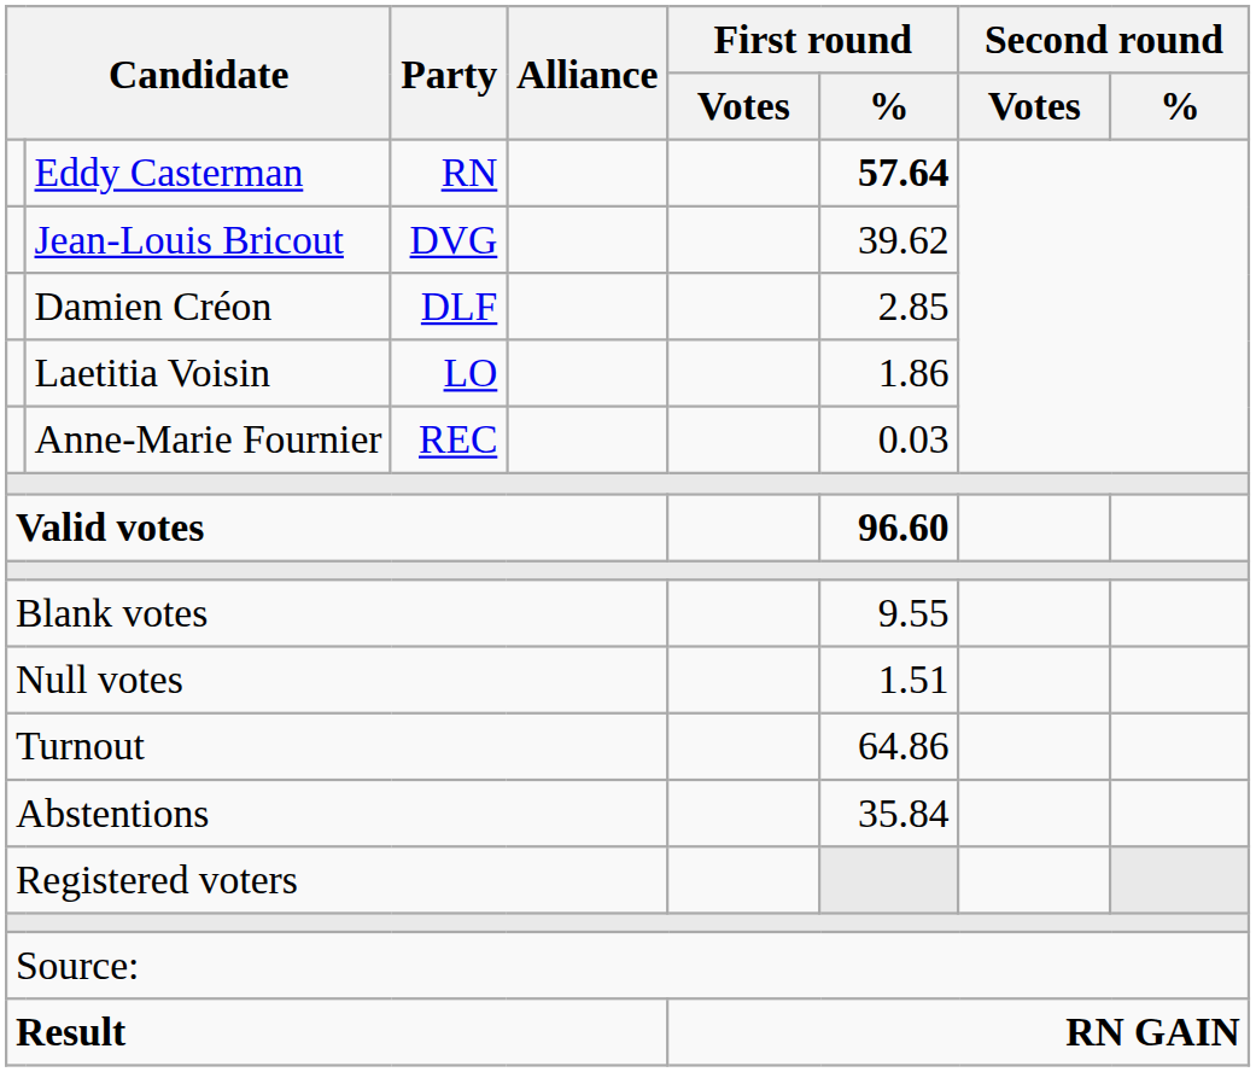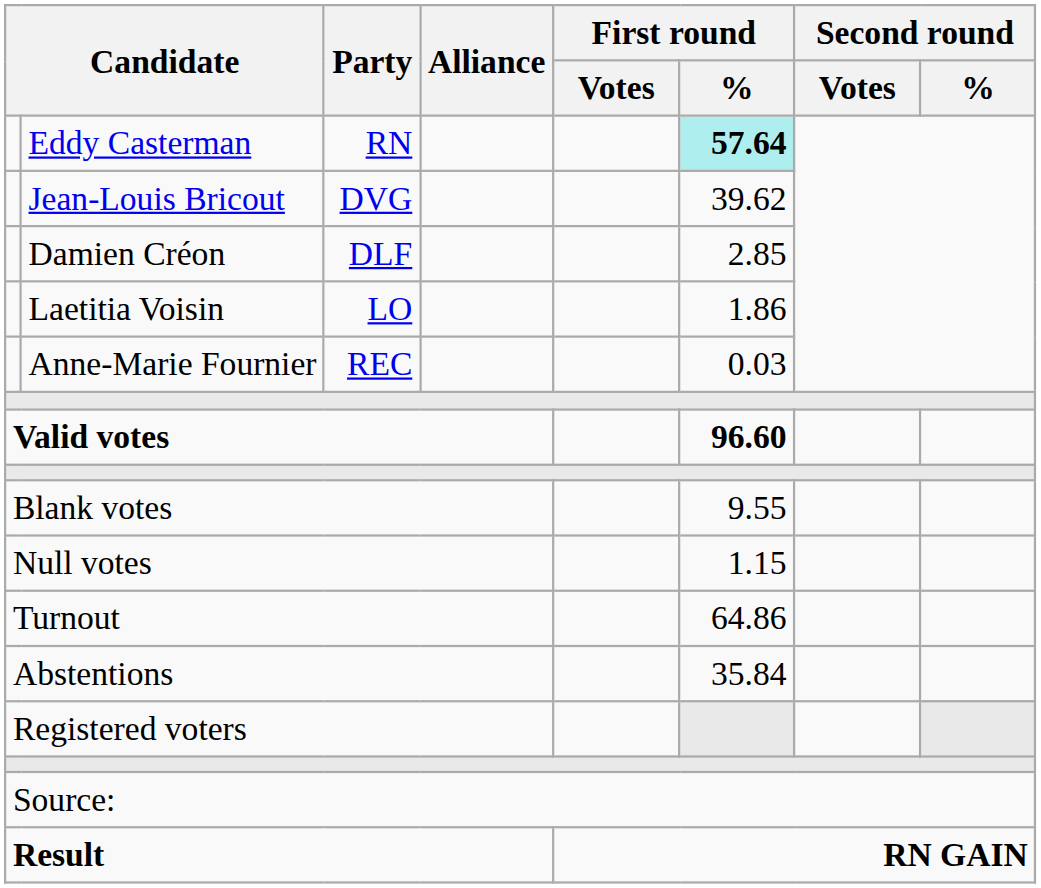 <table class="wikitable" style="text-align:right;font-size:95%;">
 <tr>
 <th colspan="2" rowspan="2">Candidate</th>
 <th colspan="1" rowspan="2">Party</th>
 <th colspan="1" rowspan="2">Alliance</th>
 <th colspan="2">First round</th>
 <th colspan="2">Second round</th>
 </tr>
 <tr>
 <th style="width:50px;">Votes</th>
 <th style="width:45px;">%</th>
 <th style="width:50px;">Votes</th>
 <th style="width:45px;">%</th>
 </tr>
 <tr>
 <td style="color:inherit;background:"></td>
 <td style="text-align:left;"><a href='#'>Eddy Casterman</a></td>
 <td><a href='#'>RN</a></td>
 <td></td>
 <td><strong></strong></td>
-<td><strong>57.64</strong></td>
+<td style="background: paleturquoise;"><strong>57.64</strong></td>
 </tr>
 <tr>
 <td style="color:inherit;background:"></td>
 <td style="text-align:left;"><a href='#'>Jean-Louis Bricout</a></td>
 <td><a href='#'>DVG</a></td>
 <td></td>
 <td></td>
 <td>39.62</td>
 </tr>
 <tr>
 <td style="color:inherit;background:"></td>
 <td style="text-align:left;">Damien Créon</td>
 <td><a href='#'>DLF</a></td>
 <td></td>
 <td></td>
 <td>2.85</td>
 </tr>
 <tr>
 <td style="color:inherit;background:"></td>
 <td style="text-align:left;">Laetitia Voisin</td>
 <td><a href='#'>LO</a></td>
 <td></td>
 <td></td>
 <td>1.86</td>
 </tr>
 <tr>
 <td style="color:inherit;background:"></td>
 <td style="text-align:left;">Anne-Marie Fournier</td>
 <td><a href='#'>REC</a></td>
 <td></td>
 <td></td>
 <td>0.03</td>
 </tr>
 <tr>
 <td colspan="8" style="background:#E9E9E9;"></td>
 </tr>
 <tr style="font-weight:bold;">
 <td colspan="4" style="text-align:left;">Valid votes</td>
 <td></td>
 <td>96.60</td>
 <td></td>
 <td></td>
 </tr>
 <tr>
 <td colspan="8" style="background:#E9E9E9;"></td>
 </tr>
 <tr>
 <td colspan="4" style="text-align:left;">Blank votes</td>
 <td></td>
 <td>9.55</td>
 <td></td>
 <td></td>
 </tr>
 <tr>
 <td colspan="4" style="text-align:left;">Null votes</td>
 <td></td>
-<td>1.51</td>
+<td>1.15</td>
 <td></td>
 <td></td>
 </tr>
 <tr>
 <td colspan="4" style="text-align:left;">Turnout</td>
 <td></td>
 <td>64.86</td>
 <td></td>
 <td></td>
 </tr>
 <tr>
 <td colspan="4" style="text-align:left;">Abstentions</td>
 <td></td>
 <td>35.84</td>
 <td></td>
 <td></td>
 </tr>
 <tr>
 <td colspan="4" style="text-align:left;">Registered voters</td>
 <td></td>
 <td style="background:#E9E9E9;"></td>
 <td></td>
 <td style="background:#E9E9E9;"></td>
 </tr>
 <tr>
 <td colspan="8" style="background:#E9E9E9;"></td>
 </tr>
 <tr>
 <td colspan="8" style="text-align:left;">Source: </td>
 </tr>
 <tr style="font-weight:bold">
 <td colspan="4" style="text-align:left;">Result</td>
 <td colspan="4" style="background-color:">RN GAIN</td>
 </tr>
 </table>
